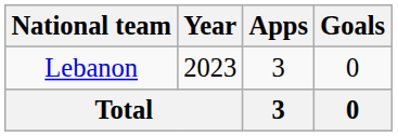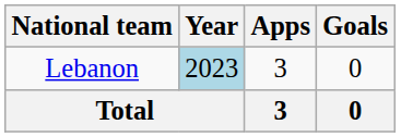 <table class="wikitable" style="text-align:center">
 <tr>
 <th>National team</th>
 <th>Year</th>
 <th>Apps</th>
 <th>Goals</th>
 </tr>
 <tr>
 <td rowspan="1"><a href='#'>Lebanon</a></td>
-<td>2023</td>
+<td style="background: lightblue;">2023</td>
 <td>3</td>
 <td>0</td>
 </tr>
 <tr>
 <th colspan="2">Total</th>
 <th>3</th>
 <th>0</th>
 </tr>
 </table>
